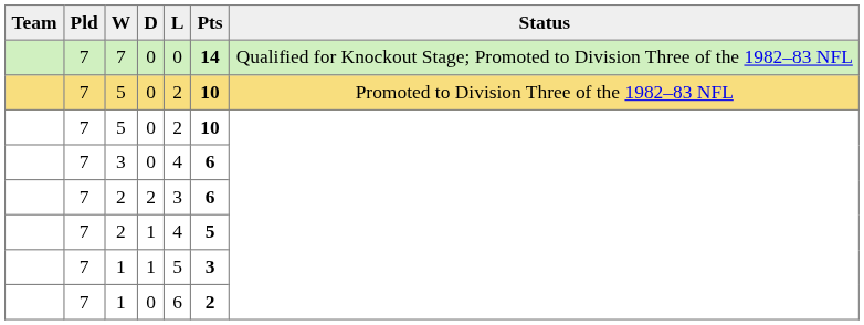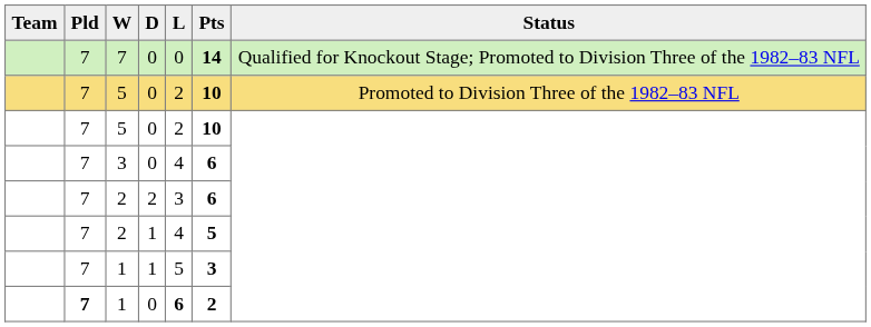 <table style=border-collapse:collapse border=1 cellspacing=0 cellpadding=5>
 <tr align=center bgcolor=#efefef>
 <th>Team</th>
 <th>Pld</th>
 <th>W</th>
 <th>D</th>
 <th>L</th>
 <th>Pts</th>
 <th>Status</th>
 </tr>
 <tr align=center style="background:#D0F0C0;">
 <td style="text-align:left;"> </td>
 <td>7</td>
 <td>7</td>
 <td>0</td>
 <td>0</td>
 <td><strong>14</strong></td>
 <td rowspan=1>Qualified for Knockout Stage; Promoted to Division Three of the <a href='#'>1982–83 NFL</a></td>
 </tr>
 <tr align=center style="background:#F8DE7E;">
 <td style="text-align:left;"> </td>
 <td>7</td>
 <td>5</td>
 <td>0</td>
 <td>2</td>
 <td><strong>10</strong></td>
 <td rowspan=1>Promoted to Division Three of the <a href='#'>1982–83 NFL</a></td>
 </tr>
 <tr align=center style="background:#FFFFFF;">
 <td style="text-align:left;"> </td>
 <td>7</td>
 <td>5</td>
 <td>0</td>
 <td>2</td>
 <td><strong>10</strong></td>
 <td rowspan=6></td>
 </tr>
 <tr align=center style="background:#FFFFFF;">
 <td style="text-align:left;"> </td>
 <td>7</td>
 <td>3</td>
 <td>0</td>
 <td>4</td>
 <td><strong>6</strong></td>
 </tr>
 <tr align=center style="background:#FFFFFF;">
 <td style="text-align:left;"> </td>
 <td>7</td>
 <td>2</td>
 <td>2</td>
 <td>3</td>
 <td><strong>6</strong></td>
 </tr>
 <tr align=center style="background:#FFFFFF;">
 <td style="text-align:left;"> </td>
 <td>7</td>
 <td>2</td>
 <td>1</td>
 <td>4</td>
 <td><strong>5</strong></td>
 </tr>
 <tr align=center style="background:#FFFFFF;">
 <td style="text-align:left;"> </td>
 <td>7</td>
 <td>1</td>
 <td>1</td>
 <td>5</td>
 <td><strong>3</strong></td>
 </tr>
 <tr align=center style="background:#FFFFFF;">
 <td style="text-align:left;"> </td>
-<td>7</td>
+<td><strong>7</strong></td>
 <td>1</td>
 <td>0</td>
-<td>6</td>
+<td><strong>6</strong></td>
 <td><strong>2</strong></td>
 </tr>
 </table>
